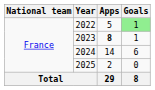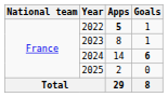 <table class="wikitable" style="text-align: center;">
 <tr>
 <th>National team</th>
 <th>Year</th>
 <th>Apps</th>
 <th>Goals</th>
 </tr>
 <tr>
 <td rowspan="4"><a href='#'>France</a></td>
 <td>2022</td>
-<td>5</td>
-<td style="background: lightgreen;">1</td>
+<td><strong>5</strong></td>
+<td>1</td>
 </tr>
 <tr>
 <td>2023</td>
-<td><strong>8</strong></td>
+<td>8</td>
 <td>1</td>
 </tr>
 <tr>
 <td>2024</td>
 <td>14</td>
-<td>6</td>
+<td><strong>6</strong></td>
 </tr>
 <tr>
 <td>2025</td>
 <td>2</td>
 <td>0</td>
 </tr>
 <tr>
 <th colspan="2">Total</th>
 <th>29</th>
 <th>8</th>
 </tr>
 </table>
